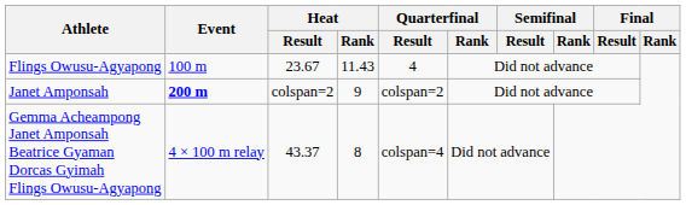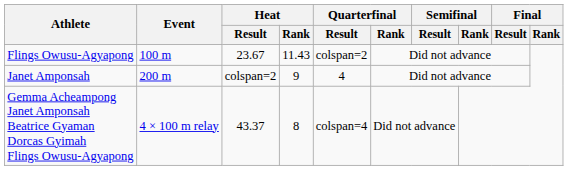 <table class="wikitable" style="font-size:90%">
 <tr>
 <th rowspan="2">Athlete</th>
 <th rowspan="2">Event</th>
 <th colspan="2">Heat</th>
 <th colspan="2">Quarterfinal</th>
 <th colspan="2">Semifinal</th>
 <th colspan="2">Final</th>
 </tr>
 <tr style="font-size:95%">
 <th>Result</th>
 <th>Rank</th>
 <th>Result</th>
 <th>Rank</th>
 <th>Result</th>
 <th>Rank</th>
 <th>Result</th>
 <th>Rank</th>
 </tr>
 <tr align=center>
 <td align=left><a href='#'>Flings Owusu-Agyapong</a></td>
 <td align=left><a href='#'>100 m</a></td>
 <td>23.67</td>
 <td>11.43</td>
-<td>4</td>
+<td>colspan=2 </td>
 <td colspan=4>Did not advance</td>
 </tr>
 <tr align=center>
 <td align=left><a href='#'>Janet Amponsah</a></td>
-<td align=left><strong><a href='#'>200 m</a></strong></td>
+<td align=left><a href='#'>200 m</a></td>
 <td>colspan=2 </td>
 <td>9</td>
-<td>colspan=2 </td>
+<td>4</td>
 <td colspan=4>Did not advance</td>
 </tr>
 <tr align=center>
 <td align=left><a href='#'>Gemma Acheampong</a><br><a href='#'>Janet Amponsah</a><br><a href='#'>Beatrice Gyaman</a><br><a href='#'>Dorcas Gyimah</a><br><a href='#'>Flings Owusu-Agyapong</a></td>
 <td align=left><a href='#'>4 × 100 m relay</a></td>
 <td>43.37</td>
 <td>8</td>
 <td>colspan=4 </td>
 <td colspan=2>Did not advance</td>
 </tr>
 </table>
